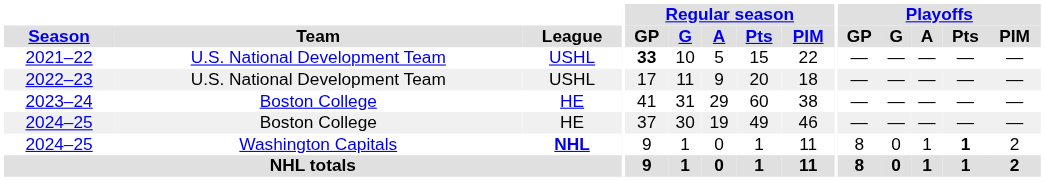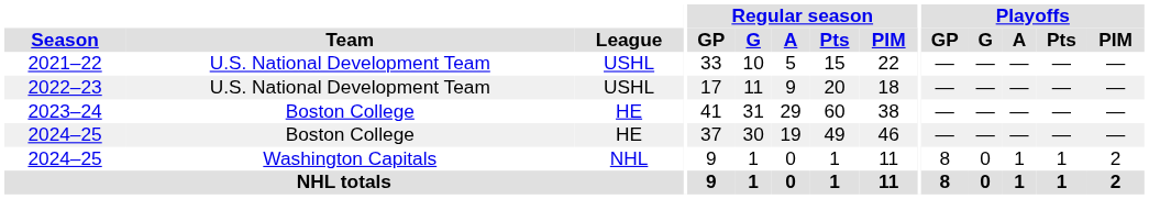 <table border="0" cellpadding="1" cellspacing="0" style="text-align:center; width:60em;">
 <tr bgcolor="#e0e0e0">
 <th colspan="3" bgcolor="#ffffff"></th>
 <th rowspan="100" bgcolor="#ffffff"></th>
 <th colspan="5"><a href='#'>Regular season</a></th>
 <th rowspan="100" bgcolor="#ffffff"></th>
 <th colspan="5"><a href='#'>Playoffs</a></th>
 </tr>
 <tr bgcolor="#e0e0e0">
 <th><a href='#'>Season</a></th>
 <th>Team</th>
 <th>League</th>
 <th>GP</th>
 <th><a href='#'>G</a></th>
 <th><a href='#'>A</a></th>
 <th><a href='#'>Pts</a></th>
 <th><a href='#'>PIM</a></th>
 <th>GP</th>
 <th>G</th>
 <th>A</th>
 <th>Pts</th>
 <th>PIM</th>
 </tr>
 <tr>
 <td><a href='#'>2021–22</a></td>
 <td><a href='#'>U.S. National Development Team</a></td>
 <td><a href='#'>USHL</a></td>
-<td><strong>33</strong></td>
+<td>33</td>
 <td>10</td>
 <td>5</td>
 <td>15</td>
 <td>22</td>
 <td>—</td>
 <td>—</td>
 <td>—</td>
 <td>—</td>
 <td>—</td>
 </tr>
 <tr bgcolor="#f0f0f0">
 <td><a href='#'>2022–23</a></td>
 <td>U.S. National Development Team</td>
 <td>USHL</td>
 <td>17</td>
 <td>11</td>
 <td>9</td>
 <td>20</td>
 <td>18</td>
 <td>—</td>
 <td>—</td>
 <td>—</td>
 <td>—</td>
 <td>—</td>
 </tr>
 <tr>
 <td><a href='#'>2023–24</a></td>
 <td><a href='#'>Boston College</a></td>
 <td><a href='#'>HE</a></td>
 <td>41</td>
 <td>31</td>
 <td>29</td>
 <td>60</td>
 <td>38</td>
 <td>—</td>
 <td>—</td>
 <td>—</td>
 <td>—</td>
 <td>—</td>
 </tr>
 <tr bgcolor="#f0f0f0">
 <td><a href='#'>2024–25</a></td>
 <td>Boston College</td>
 <td>HE</td>
 <td>37</td>
 <td>30</td>
 <td>19</td>
 <td>49</td>
 <td>46</td>
 <td>—</td>
 <td>—</td>
 <td>—</td>
 <td>—</td>
 <td>—</td>
 </tr>
 <tr>
 <td><a href='#'>2024–25</a></td>
 <td><a href='#'>Washington Capitals</a></td>
-<td><strong><a href='#'>NHL</a></strong></td>
+<td><a href='#'>NHL</a></td>
 <td>9</td>
 <td>1</td>
 <td>0</td>
 <td>1</td>
 <td>11</td>
 <td>8</td>
 <td>0</td>
 <td>1</td>
-<td><strong>1</strong></td>
+<td>1</td>
 <td>2</td>
 </tr>
 <tr bgcolor="#e0e0e0">
 <th colspan="3">NHL totals</th>
 <th>9</th>
 <th>1</th>
 <th>0</th>
 <th>1</th>
 <th>11</th>
 <th>8</th>
 <th>0</th>
 <th>1</th>
 <th>1</th>
 <th>2</th>
 </tr>
 </table>
